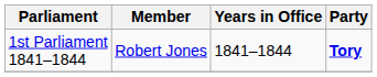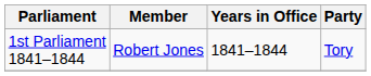 <table class="wikitable">
 <tr>
 <th>Parliament</th>
 <th>Member</th>
 <th>Years in Office</th>
 <th>Party</th>
 </tr>
 <tr>
 <td><a href='#'>1st Parliament</a><br>1841–1844</td>
 <td><a href='#'>Robert Jones</a></td>
 <td>1841–1844</td>
-<td><strong><a href='#'>Tory</a></strong></td>
+<td><a href='#'>Tory</a></td>
 </tr>
 <tr>
 </tr>
 </table>
